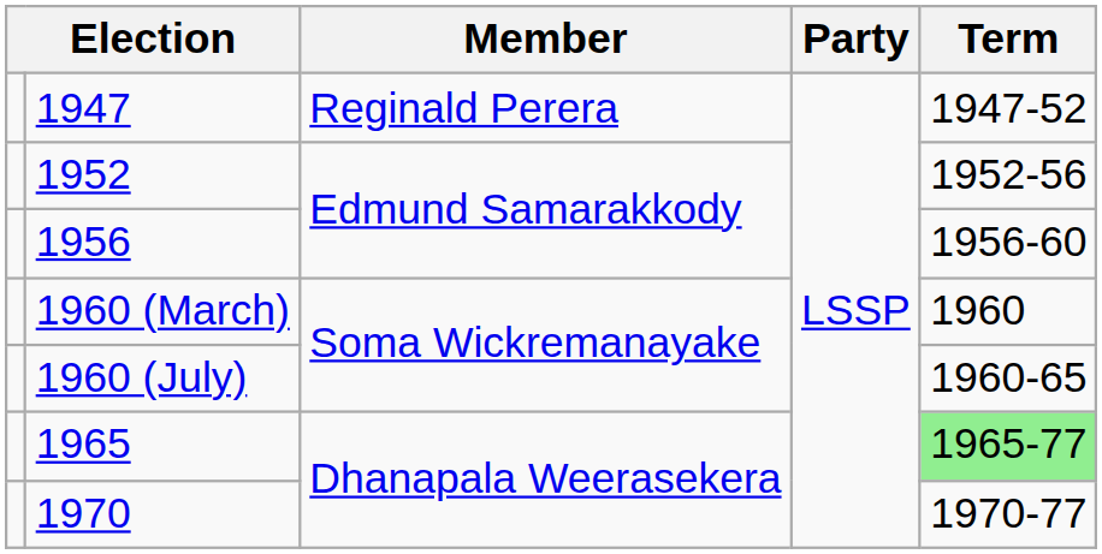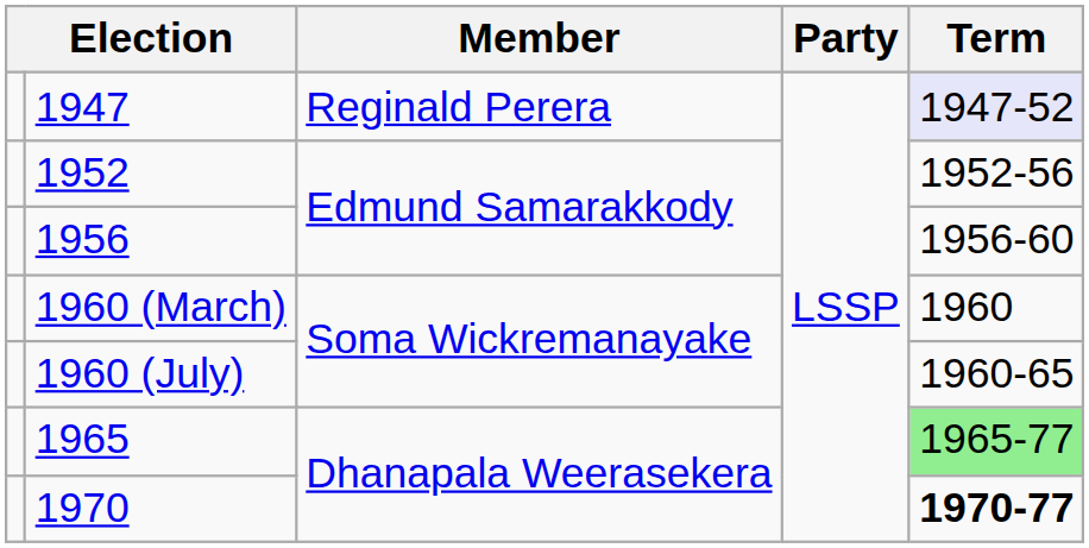 <table class="wikitable">
 <tr>
 <th colspan="2">Election</th>
 <th>Member</th>
 <th>Party</th>
 <th>Term</th>
 </tr>
 <tr>
 <td style="background-color: "></td>
 <td><a href='#'>1947</a></td>
 <td><a href='#'>Reginald Perera</a></td>
 <td rowspan=7><a href='#'>LSSP</a></td>
-<td>1947-52</td>
+<td style="background: lavender;">1947-52</td>
 </tr>
 <tr>
 <td style="background-color: "></td>
 <td><a href='#'>1952</a></td>
 <td rowspan=2><a href='#'>Edmund Samarakkody</a></td>
 <td>1952-56</td>
 </tr>
 <tr>
 <td style="background-color: "></td>
 <td><a href='#'>1956</a></td>
 <td>1956-60</td>
 </tr>
 <tr>
 <td style="background-color: "></td>
 <td><a href='#'>1960 (March)</a></td>
 <td rowspan=2><a href='#'>Soma Wickremanayake</a></td>
 <td>1960</td>
 </tr>
 <tr>
 <td style="background-color: "></td>
 <td><a href='#'>1960 (July)</a></td>
 <td>1960-65</td>
 </tr>
 <tr>
 <td style="background-color: "></td>
 <td><a href='#'>1965</a></td>
 <td rowspan=2><a href='#'>Dhanapala Weerasekera</a></td>
 <td style="background: lightgreen;">1965-77</td>
 </tr>
 <tr>
 <td style="background-color: "></td>
 <td><a href='#'>1970</a></td>
-<td>1970-77</td>
+<td><strong>1970-77</strong></td>
 </tr>
 </table>
